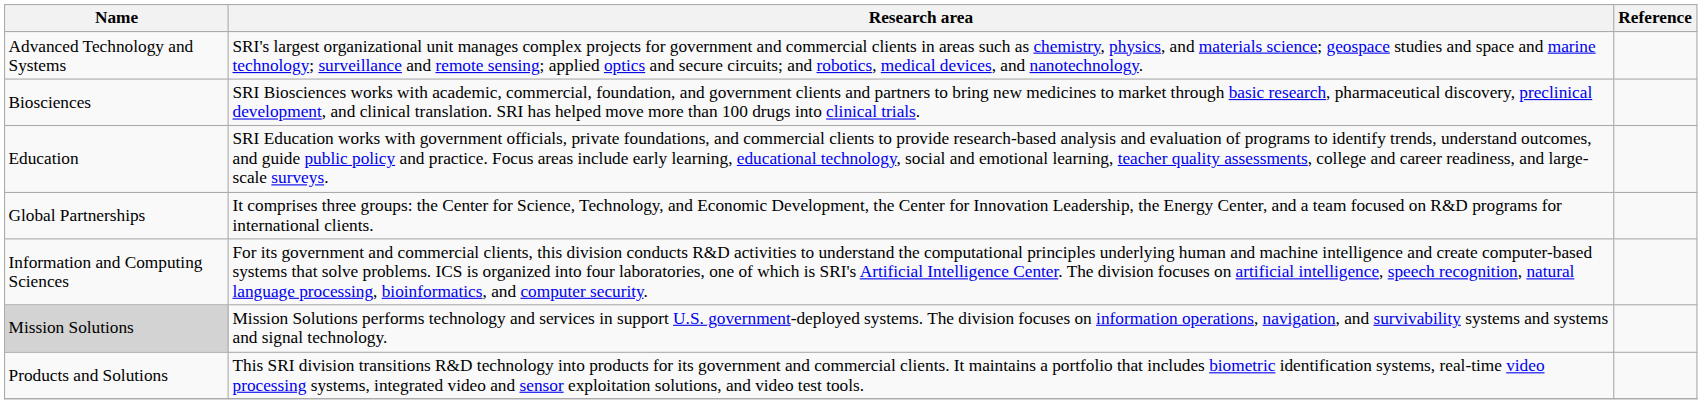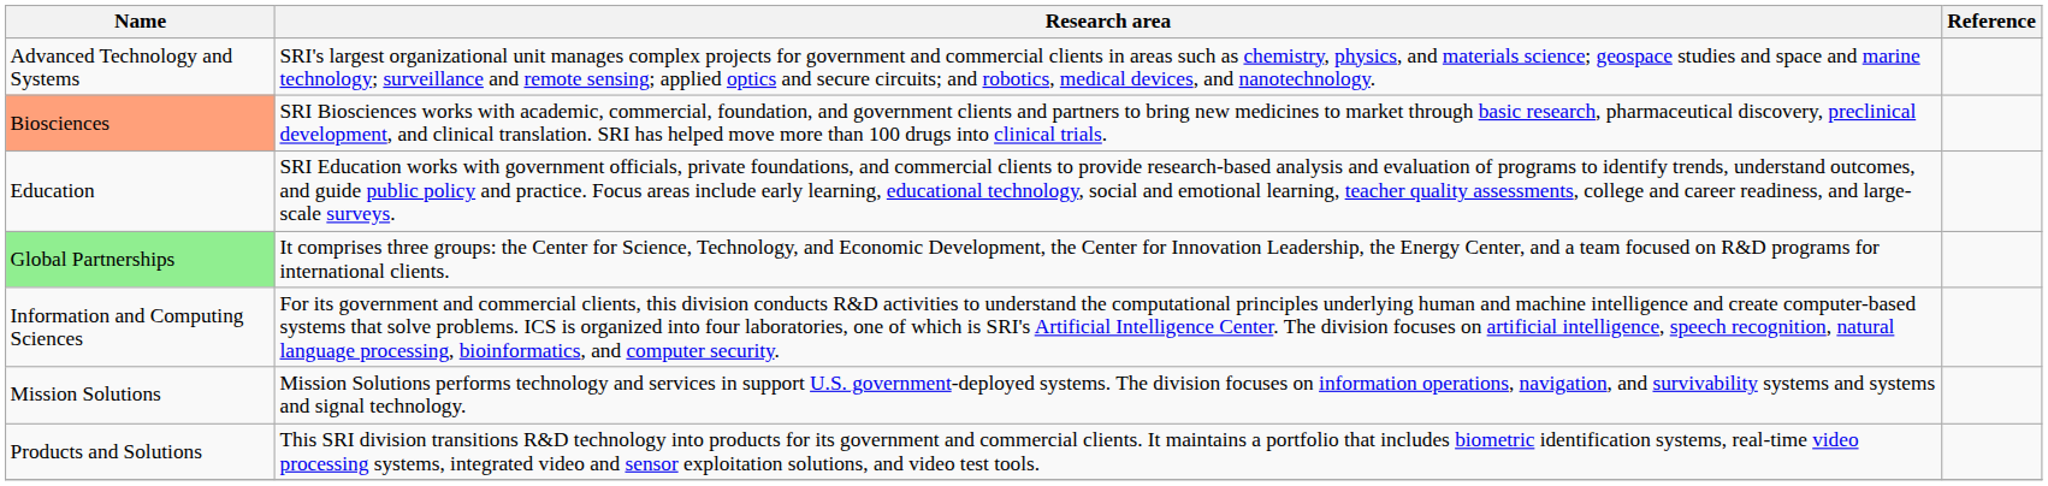 <table class="wikitable sortable">
 <tr>
 <th style="width:200px;">Name</th>
 <th style="width:*;">Research area</th>
 <th style="width:70px;" class="unsortable">Reference</th>
 </tr>
 <tr>
 <td>Advanced Technology and Systems</td>
 <td>SRI's largest organizational unit manages complex projects for government and commercial clients in areas such as <a href='#'>chemistry</a>, <a href='#'>physics</a>, and <a href='#'>materials science</a>; <a href='#'>geospace</a> studies and space and <a href='#'>marine technology</a>; <a href='#'>surveillance</a> and <a href='#'>remote sensing</a>; applied <a href='#'>optics</a> and secure circuits; and <a href='#'>robotics</a>, <a href='#'>medical devices</a>, and <a href='#'>nanotechnology</a>.</td>
 <td style="text-align:center;"></td>
 </tr>
 <tr>
-<td>Biosciences</td>
+<td style="background: lightsalmon;">Biosciences</td>
 <td>SRI Biosciences works with academic, commercial, foundation, and government clients and partners to bring new medicines to market through <a href='#'>basic research</a>, pharmaceutical discovery, <a href='#'>preclinical development</a>, and clinical translation. SRI has helped move more than 100 drugs into <a href='#'>clinical trials</a>.</td>
 <td style="text-align:center;"></td>
 </tr>
 <tr>
 <td>Education</td>
 <td>SRI Education works with government officials, private foundations, and commercial clients to provide research-based analysis and evaluation of programs to identify trends, understand outcomes, and guide <a href='#'>public policy</a> and practice. Focus areas include early learning, <a href='#'>educational technology</a>, social and emotional learning, <a href='#'>teacher quality assessments</a>, college and career readiness, and large-scale <a href='#'>surveys</a>.</td>
 <td style="text-align:center;"></td>
 </tr>
 <tr>
-<td>Global Partnerships</td>
+<td style="background: lightgreen;">Global Partnerships</td>
 <td>It comprises three groups: the Center for Science, Technology, and Economic Development, the Center for Innovation Leadership, the Energy Center, and a team focused on R&D programs for international clients.</td>
 <td style="text-align:center;"></td>
 </tr>
 <tr>
 <td>Information and Computing Sciences</td>
 <td>For its government and commercial clients, this division conducts R&D activities to understand the computational principles underlying human and machine intelligence and create computer-based systems that solve problems. ICS is organized into four laboratories, one of which is SRI's <a href='#'>Artificial Intelligence Center</a>. The division focuses on <a href='#'>artificial intelligence</a>, <a href='#'>speech recognition</a>, <a href='#'>natural language processing</a>, <a href='#'>bioinformatics</a>, and <a href='#'>computer security</a>.</td>
 <td style="text-align:center;"></td>
 </tr>
 <tr>
-<td style="background: lightgrey;">Mission Solutions</td>
+<td>Mission Solutions</td>
 <td>Mission Solutions performs technology and services in support <a href='#'>U.S. government</a>-deployed systems. The division focuses on <a href='#'>information operations</a>, <a href='#'>navigation</a>, and <a href='#'>survivability</a> systems and systems and signal technology.</td>
 <td style="text-align:center;"></td>
 </tr>
 <tr>
 <td>Products and Solutions</td>
 <td>This SRI division transitions R&D technology into products for its government and commercial clients. It maintains a portfolio that includes <a href='#'>biometric</a> identification systems, real-time <a href='#'>video processing</a> systems, integrated video and <a href='#'>sensor</a> exploitation solutions, and video test tools.</td>
 <td style="text-align:center;"></td>
 </tr>
 <tr>
 </tr>
 </table>
